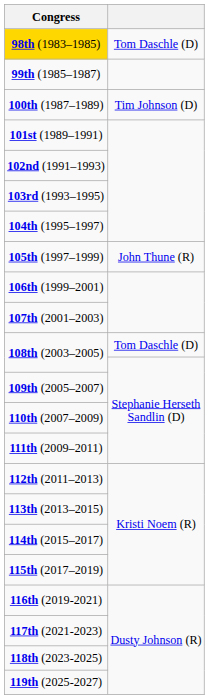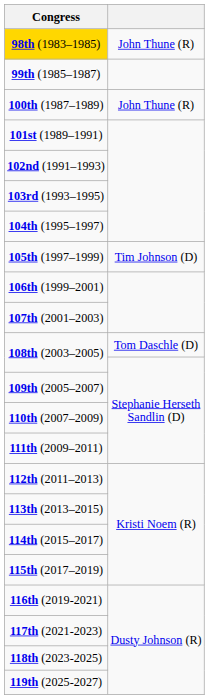 <table class=wikitable style="text-align:center">
 <tr style="height:2em">
 <th>Congress</th>
 <th></th>
 </tr>
 <tr style="height:2.5em">
 <td style="background: gold;"><strong><a href='#'>98th</a></strong> (1983–1985)</td>
-<td><a href='#'>Tom Daschle</a> (D)</td>
+<td><a href='#'>John Thune</a> (R)</td>
 </tr>
 <tr style="height:2.5em">
 <td><strong><a href='#'>99th</a></strong> (1985–1987)</td>
 </tr>
 <tr style="height:2.5em">
 <td><strong><a href='#'>100th</a></strong> (1987–1989)</td>
-<td><a href='#'>Tim Johnson</a> (D)</td>
+<td><a href='#'>John Thune</a> (R)</td>
 </tr>
 <tr style="height:2.5em">
 <td><strong><a href='#'>101st</a></strong> (1989–1991)</td>
 </tr>
 <tr style="height:2.5em">
 <td><strong><a href='#'>102nd</a></strong> (1991–1993)</td>
 </tr>
 <tr style="height:2.5em">
 <td><strong><a href='#'>103rd</a></strong> (1993–1995)</td>
 </tr>
 <tr style="height:2.5em">
 <td><strong><a href='#'>104th</a></strong> (1995–1997)</td>
 </tr>
 <tr style="height:2.5em">
 <td><strong><a href='#'>105th</a></strong> (1997–1999)</td>
-<td><a href='#'>John Thune</a> (R)</td>
+<td><a href='#'>Tim Johnson</a> (D)</td>
 </tr>
 <tr style="height:2.5em">
 <td><strong><a href='#'>106th</a></strong> (1999–2001)</td>
 </tr>
 <tr style="height:2.5em">
 <td><strong><a href='#'>107th</a></strong> (2001–2003)</td>
 </tr>
 <tr style="height:2em">
 <td rowspan=2><strong><a href='#'>108th</a></strong> (2003–2005)</td>
 <td><a href='#'>Tom Daschle</a> (D)</td>
 </tr>
 <tr style="height:1.25em">
 <td rowspan=4 ><a href='#'>Stephanie Herseth<br>Sandlin</a> (D)</td>
 </tr>
 <tr style="height:2.5em">
 <td><strong><a href='#'>109th</a></strong> (2005–2007)</td>
 </tr>
 <tr style="height:2.5em">
 <td><strong><a href='#'>110th</a></strong> (2007–2009)</td>
 </tr>
 <tr style="height:2.5em">
 <td><strong><a href='#'>111th</a></strong> (2009–2011)</td>
 </tr>
 <tr style="height:2.5em">
 <td><strong><a href='#'>112th</a></strong> (2011–2013)</td>
 <td rowspan=4 ><a href='#'>Kristi Noem</a> (R)</td>
 </tr>
 <tr style="height:2.5em">
 <td><strong><a href='#'>113th</a></strong> (2013–2015)</td>
 </tr>
 <tr style="height:2.5em">
 <td><strong><a href='#'>114th</a></strong> (2015–2017)</td>
 </tr>
 <tr style="height:2.5em">
 <td><strong><a href='#'>115th</a></strong> (2017–2019)</td>
 </tr>
 <tr style="height:2.5em">
 <td><strong><a href='#'>116th</a></strong> (2019-2021)</td>
 <td rowspan=4 ><a href='#'>Dusty Johnson</a> (R)</td>
 </tr>
 <tr style="height:2.5em">
 <td><strong><a href='#'>117th</a></strong> (2021-2023)</td>
 </tr>
 <tr style="height:2em">
 <td><strong><a href='#'>118th</a></strong> (2023-2025)</td>
 </tr>
 <tr style="height:2em">
 <td><strong><a href='#'>119th</a></strong> (2025-2027)</td>
 </tr>
 </table>
